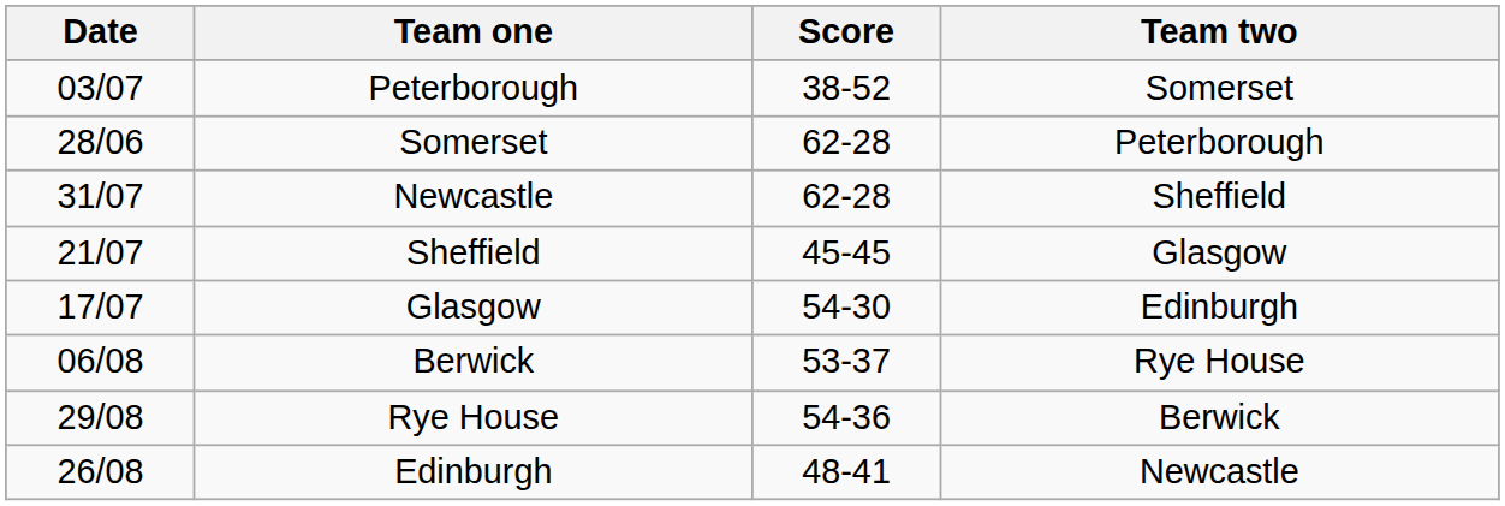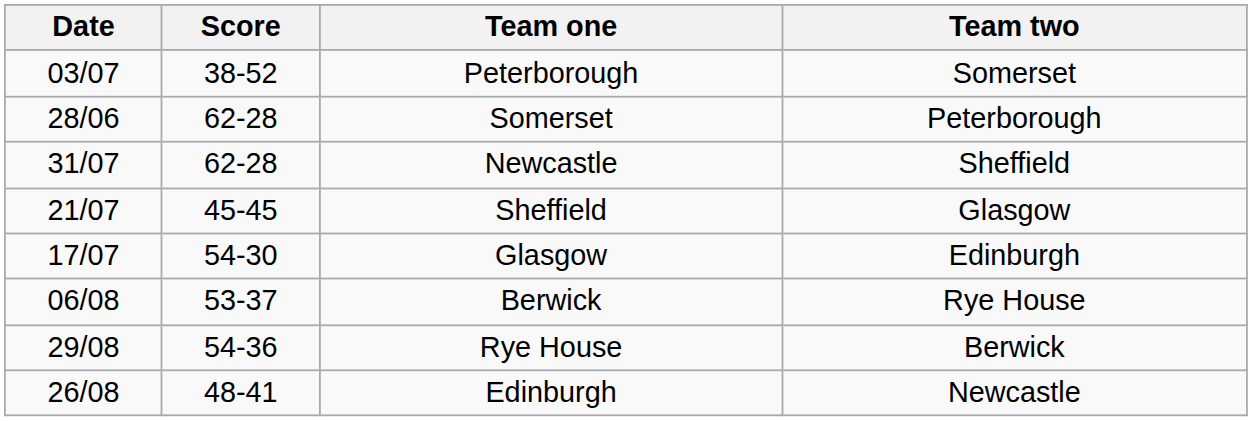 <table class="wikitable" style="text-align: center">
 <tr>
 <th width=80>Date</th>
+<th width=80>Score</th>
 <th width=250>Team one</th>
-<th width=80>Score</th>
 <th width=250>Team two</th>
 </tr>
 <tr>
 <td>03/07</td>
+<td>38-52</td>
 <td>Peterborough</td>
-<td>38-52</td>
 <td>Somerset</td>
 </tr>
 <tr>
 <td>28/06</td>
+<td>62-28</td>
 <td>Somerset</td>
-<td>62-28</td>
 <td>Peterborough</td>
 </tr>
 <tr>
 <td>31/07</td>
+<td>62-28</td>
 <td>Newcastle</td>
-<td>62-28</td>
 <td>Sheffield</td>
 </tr>
 <tr>
 <td>21/07</td>
+<td>45-45</td>
 <td>Sheffield</td>
-<td>45-45</td>
 <td>Glasgow</td>
 </tr>
 <tr>
 <td>17/07</td>
+<td>54-30</td>
 <td>Glasgow</td>
-<td>54-30</td>
 <td>Edinburgh</td>
 </tr>
 <tr>
 <td>06/08</td>
+<td>53-37</td>
 <td>Berwick</td>
-<td>53-37</td>
 <td>Rye House</td>
 </tr>
 <tr>
 <td>29/08</td>
+<td>54-36</td>
 <td>Rye House</td>
-<td>54-36</td>
 <td>Berwick</td>
 </tr>
 <tr>
 <td>26/08</td>
+<td>48-41</td>
 <td>Edinburgh</td>
-<td>48-41</td>
 <td>Newcastle</td>
 </tr>
 </table>
